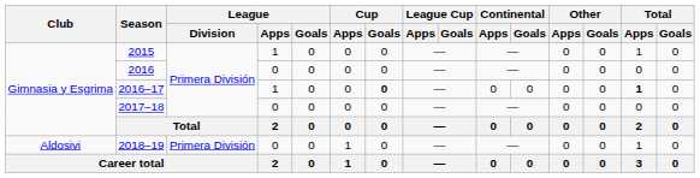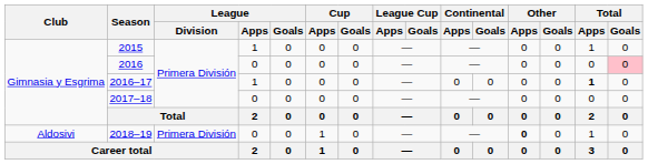 <table class="wikitable" style="text-align:center">
 <tr>
 <th rowspan="2">Club</th>
 <th rowspan="2">Season</th>
 <th colspan="3">League</th>
 <th colspan="2">Cup</th>
 <th colspan="2">League Cup</th>
 <th colspan="2">Continental</th>
 <th colspan="2">Other</th>
 <th colspan="2">Total</th>
 </tr>
 <tr>
 <th>Division</th>
 <th>Apps</th>
 <th>Goals</th>
 <th>Apps</th>
 <th>Goals</th>
 <th>Apps</th>
 <th>Goals</th>
 <th>Apps</th>
 <th>Goals</th>
 <th>Apps</th>
 <th>Goals</th>
 <th>Apps</th>
 <th>Goals</th>
 </tr>
 <tr>
 <td rowspan="5"><a href='#'>Gimnasia y Esgrima</a></td>
 <td><a href='#'>2015</a></td>
 <td rowspan="4"><a href='#'>Primera División</a></td>
 <td>1</td>
 <td>0</td>
 <td>0</td>
 <td>0</td>
 <td colspan="2">—</td>
 <td colspan="2">—</td>
 <td>0</td>
 <td>0</td>
 <td>1</td>
 <td>0</td>
 </tr>
 <tr>
 <td><a href='#'>2016</a></td>
 <td>0</td>
 <td>0</td>
 <td>0</td>
 <td>0</td>
 <td colspan="2">—</td>
 <td colspan="2">—</td>
 <td>0</td>
 <td>0</td>
 <td>0</td>
-<td>0</td>
+<td style="background: pink;">0</td>
 </tr>
 <tr>
 <td><a href='#'>2016–17</a></td>
 <td>1</td>
 <td>0</td>
 <td>0</td>
-<td><strong>0</strong></td>
+<td>0</td>
 <td colspan="2">—</td>
 <td>0</td>
 <td>0</td>
 <td>0</td>
 <td>0</td>
 <td><strong>1</strong></td>
 <td>0</td>
 </tr>
 <tr>
 <td><a href='#'>2017–18</a></td>
 <td>0</td>
 <td>0</td>
 <td>0</td>
 <td>0</td>
 <td colspan="2">—</td>
 <td colspan="2">—</td>
 <td>0</td>
 <td>0</td>
 <td>0</td>
 <td>0</td>
 </tr>
 <tr>
 <th colspan="2">Total</th>
 <th>2</th>
 <th>0</th>
 <th>0</th>
 <th>0</th>
 <th colspan="2">—</th>
 <th>0</th>
 <th>0</th>
 <th>0</th>
 <th>0</th>
 <th>2</th>
 <th>0</th>
 </tr>
 <tr>
 <td rowspan="1"><a href='#'>Aldosivi</a></td>
 <td><a href='#'>2018–19</a></td>
 <td rowspan="1"><a href='#'>Primera División</a></td>
 <td>0</td>
 <td>0</td>
 <td>1</td>
 <td>0</td>
 <td colspan="2">—</td>
 <td colspan="2">—</td>
-<td>0</td>
+<td><strong>0</strong></td>
 <td>0</td>
 <td>1</td>
 <td>0</td>
 </tr>
 <tr>
 <th colspan="3">Career total</th>
 <th>2</th>
 <th>0</th>
 <th>1</th>
 <th>0</th>
 <th colspan="2">—</th>
 <th>0</th>
 <th>0</th>
 <th>0</th>
 <th>0</th>
 <th>3</th>
 <th>0</th>
 </tr>
 </table>
